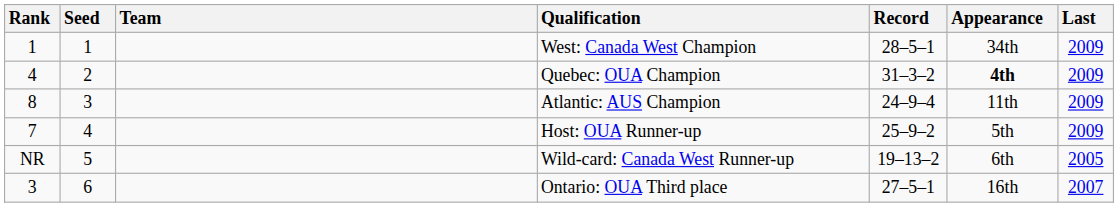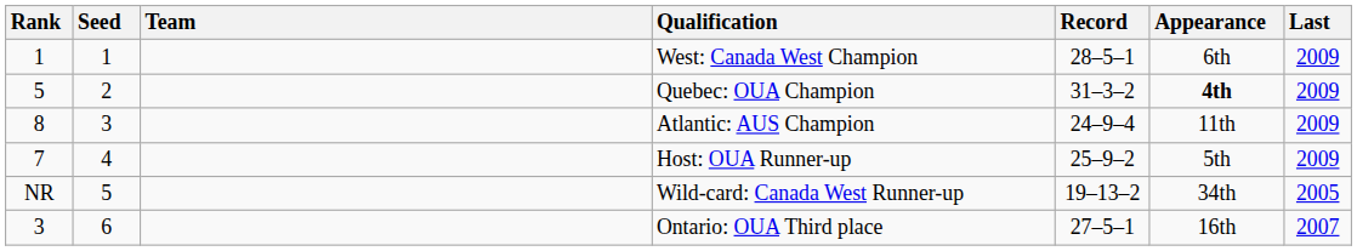 <table class="wikitable sortable" style="text-align: center;" width=1000>
 <tr style="background:#efefef; text-align:center">
 <th style="text-align:left" width=5%>Rank</th>
 <th style="text-align:left" width=5%>Seed</th>
 <th style="text-align:left" width=38%>Team</th>
 <th style="text-align:left" width=30%>Qualification</th>
 <th style="text-align:left" width=7%>Record</th>
 <th style="text-align:left" width=10%>Appearance</th>
 <th style="text-align:left" width=6%>Last</th>
 </tr>
 <tr style="text-align:center">
 <td style="text-align:center">1</td>
 <td style="text-align:center">1</td>
 <td style="text-align:left; "><a href='#'></a></td>
 <td style="text-align:left">West: <a href='#'>Canada West</a> Champion</td>
 <td style="text-align:center">28–5–1</td>
-<td style=center>34th</td>
+<td style=center>6th</td>
 <td style="text-align:center"><a href='#'>2009</a></td>
 </tr>
 <tr style="text-align:center">
-<td style="text-align:center">4</td>
+<td style="text-align:center">5</td>
 <td style="text-align:center">2</td>
 <td style="text-align:left; "><a href='#'></a></td>
 <td style="text-align:left">Quebec: <a href='#'>OUA</a> Champion</td>
 <td style="text-align:center">31–3–2</td>
 <td style=center><strong>4th</strong></td>
 <td style="text-align:center"><a href='#'>2009</a></td>
 </tr>
 <tr style="text-align:center">
 <td style="text-align:center">8</td>
 <td style="text-align:center">3</td>
 <td style="text-align:left; "><a href='#'></a></td>
 <td style="text-align:left">Atlantic: <a href='#'>AUS</a> Champion</td>
 <td style="text-align:center">24–9–4</td>
 <td style=center>11th</td>
 <td style="text-align:center"><a href='#'>2009</a></td>
 </tr>
 <tr style="text-align:center">
 <td style="text-align:center">7</td>
 <td style="text-align:center">4</td>
 <td style="text-align:left; "><a href='#'></a></td>
 <td style="text-align:left">Host: <a href='#'>OUA</a> Runner-up</td>
 <td style="text-align:center">25–9–2</td>
 <td style=center>5th</td>
 <td style="text-align:center"><a href='#'>2009</a></td>
 </tr>
 <tr style="text-align:center">
 <td style="text-align:center">NR</td>
 <td style="text-align:center">5</td>
 <td style="text-align:left; "><a href='#'></a></td>
 <td style="text-align:left">Wild-card: <a href='#'>Canada West</a> Runner-up</td>
 <td style="text-align:center">19–13–2</td>
-<td style=center>6th</td>
+<td style=center>34th</td>
 <td style="text-align:center"><a href='#'>2005</a></td>
 </tr>
 <tr style="text-align:center">
 <td style="text-align:center">3</td>
 <td style="text-align:center">6</td>
 <td style="text-align:left; "><a href='#'></a></td>
 <td style="text-align:left">Ontario: <a href='#'>OUA</a> Third place</td>
 <td style="text-align:center">27–5–1</td>
 <td style=center>16th</td>
 <td style="text-align:center"><a href='#'>2007</a></td>
 </tr>
 </table>
